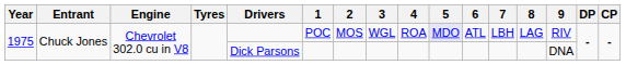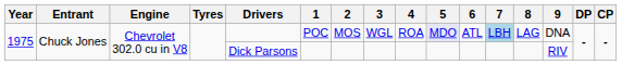 <table class="wikitable" style="text-align:center; font-size:95%">
 <tr>
 <th>Year</th>
 <th>Entrant</th>
 <th>Engine</th>
 <th>Tyres</th>
 <th>Drivers</th>
 <th>1</th>
 <th>2</th>
 <th>3</th>
 <th>4</th>
 <th>5</th>
 <th>6</th>
 <th>7</th>
 <th>8</th>
 <th>9</th>
 <th>DP</th>
 <th>CP</th>
 </tr>
 <tr>
 <td rowspan="2"><a href='#'>1975</a></td>
 <td rowspan="2">Chuck Jones</td>
 <td rowspan="2"><a href='#'>Chevrolet</a> <br>302.0 cu in <a href='#'>V8</a></td>
 <td rowspan="2"></td>
 <td></td>
 <td><a href='#'>POC</a></td>
 <td><a href='#'>MOS</a></td>
 <td><a href='#'>WGL</a></td>
 <td><a href='#'>ROA</a></td>
 <td style="background: lavender;"><a href='#'>MDO</a></td>
 <td><a href='#'>ATL</a></td>
-<td><a href='#'>LBH</a></td>
+<td style="background: lightblue;"><a href='#'>LBH</a></td>
 <td><a href='#'>LAG</a></td>
-<td><a href='#'>RIV</a></td>
+<td>DNA</td>
 <td rowspan="2"><strong>-</strong></td>
 <td rowspan="2"><strong>-</strong></td>
 </tr>
 <tr>
 <td align="left"> <a href='#'>Dick Parsons</a></td>
 <td></td>
 <td></td>
 <td></td>
 <td></td>
 <td></td>
 <td></td>
 <td></td>
 <td></td>
-<td>DNA</td>
+<td><a href='#'>RIV</a></td>
 </tr>
 </table>
